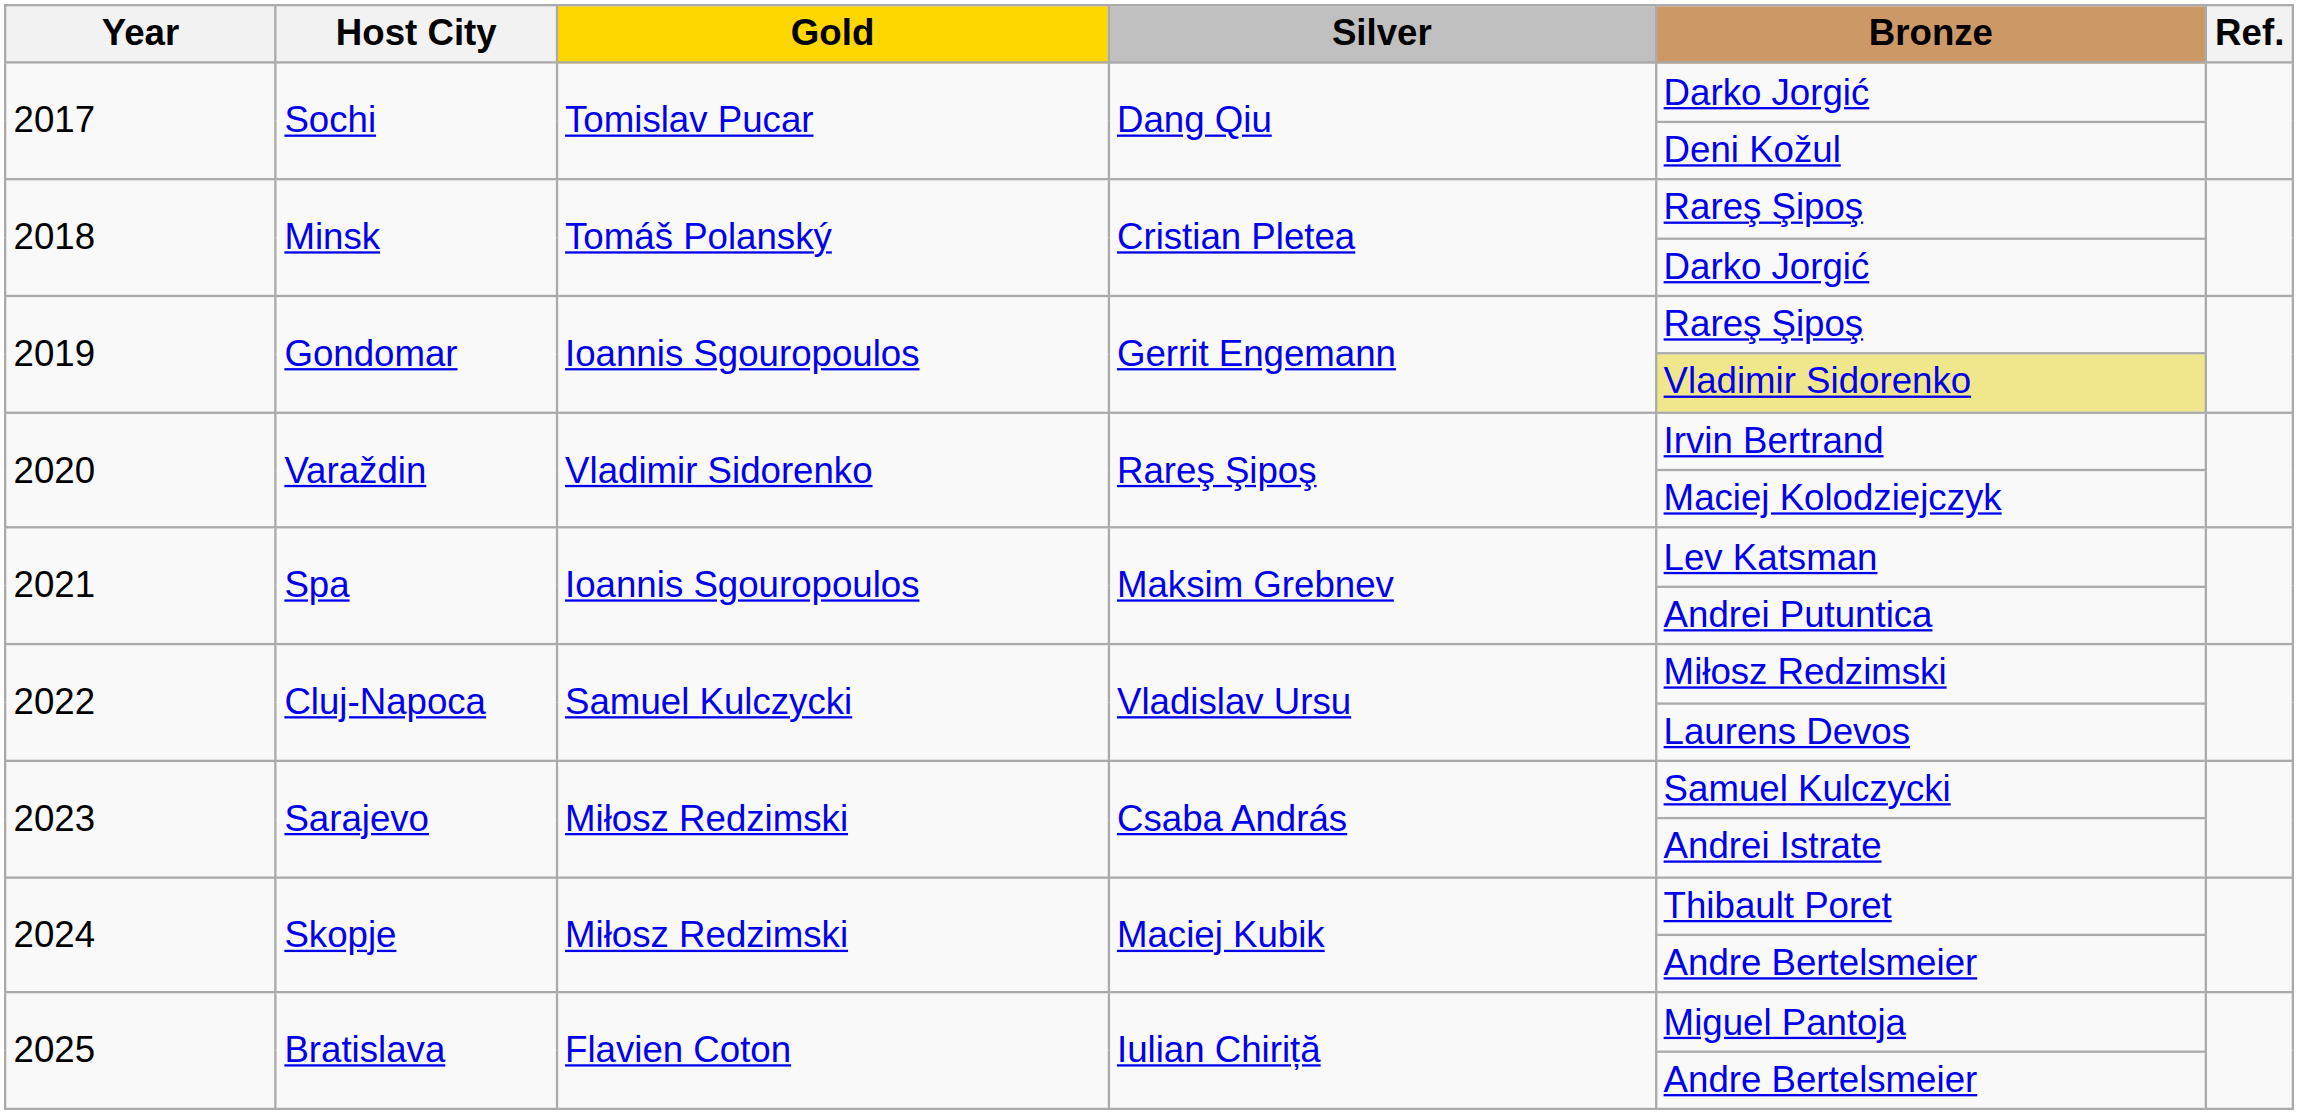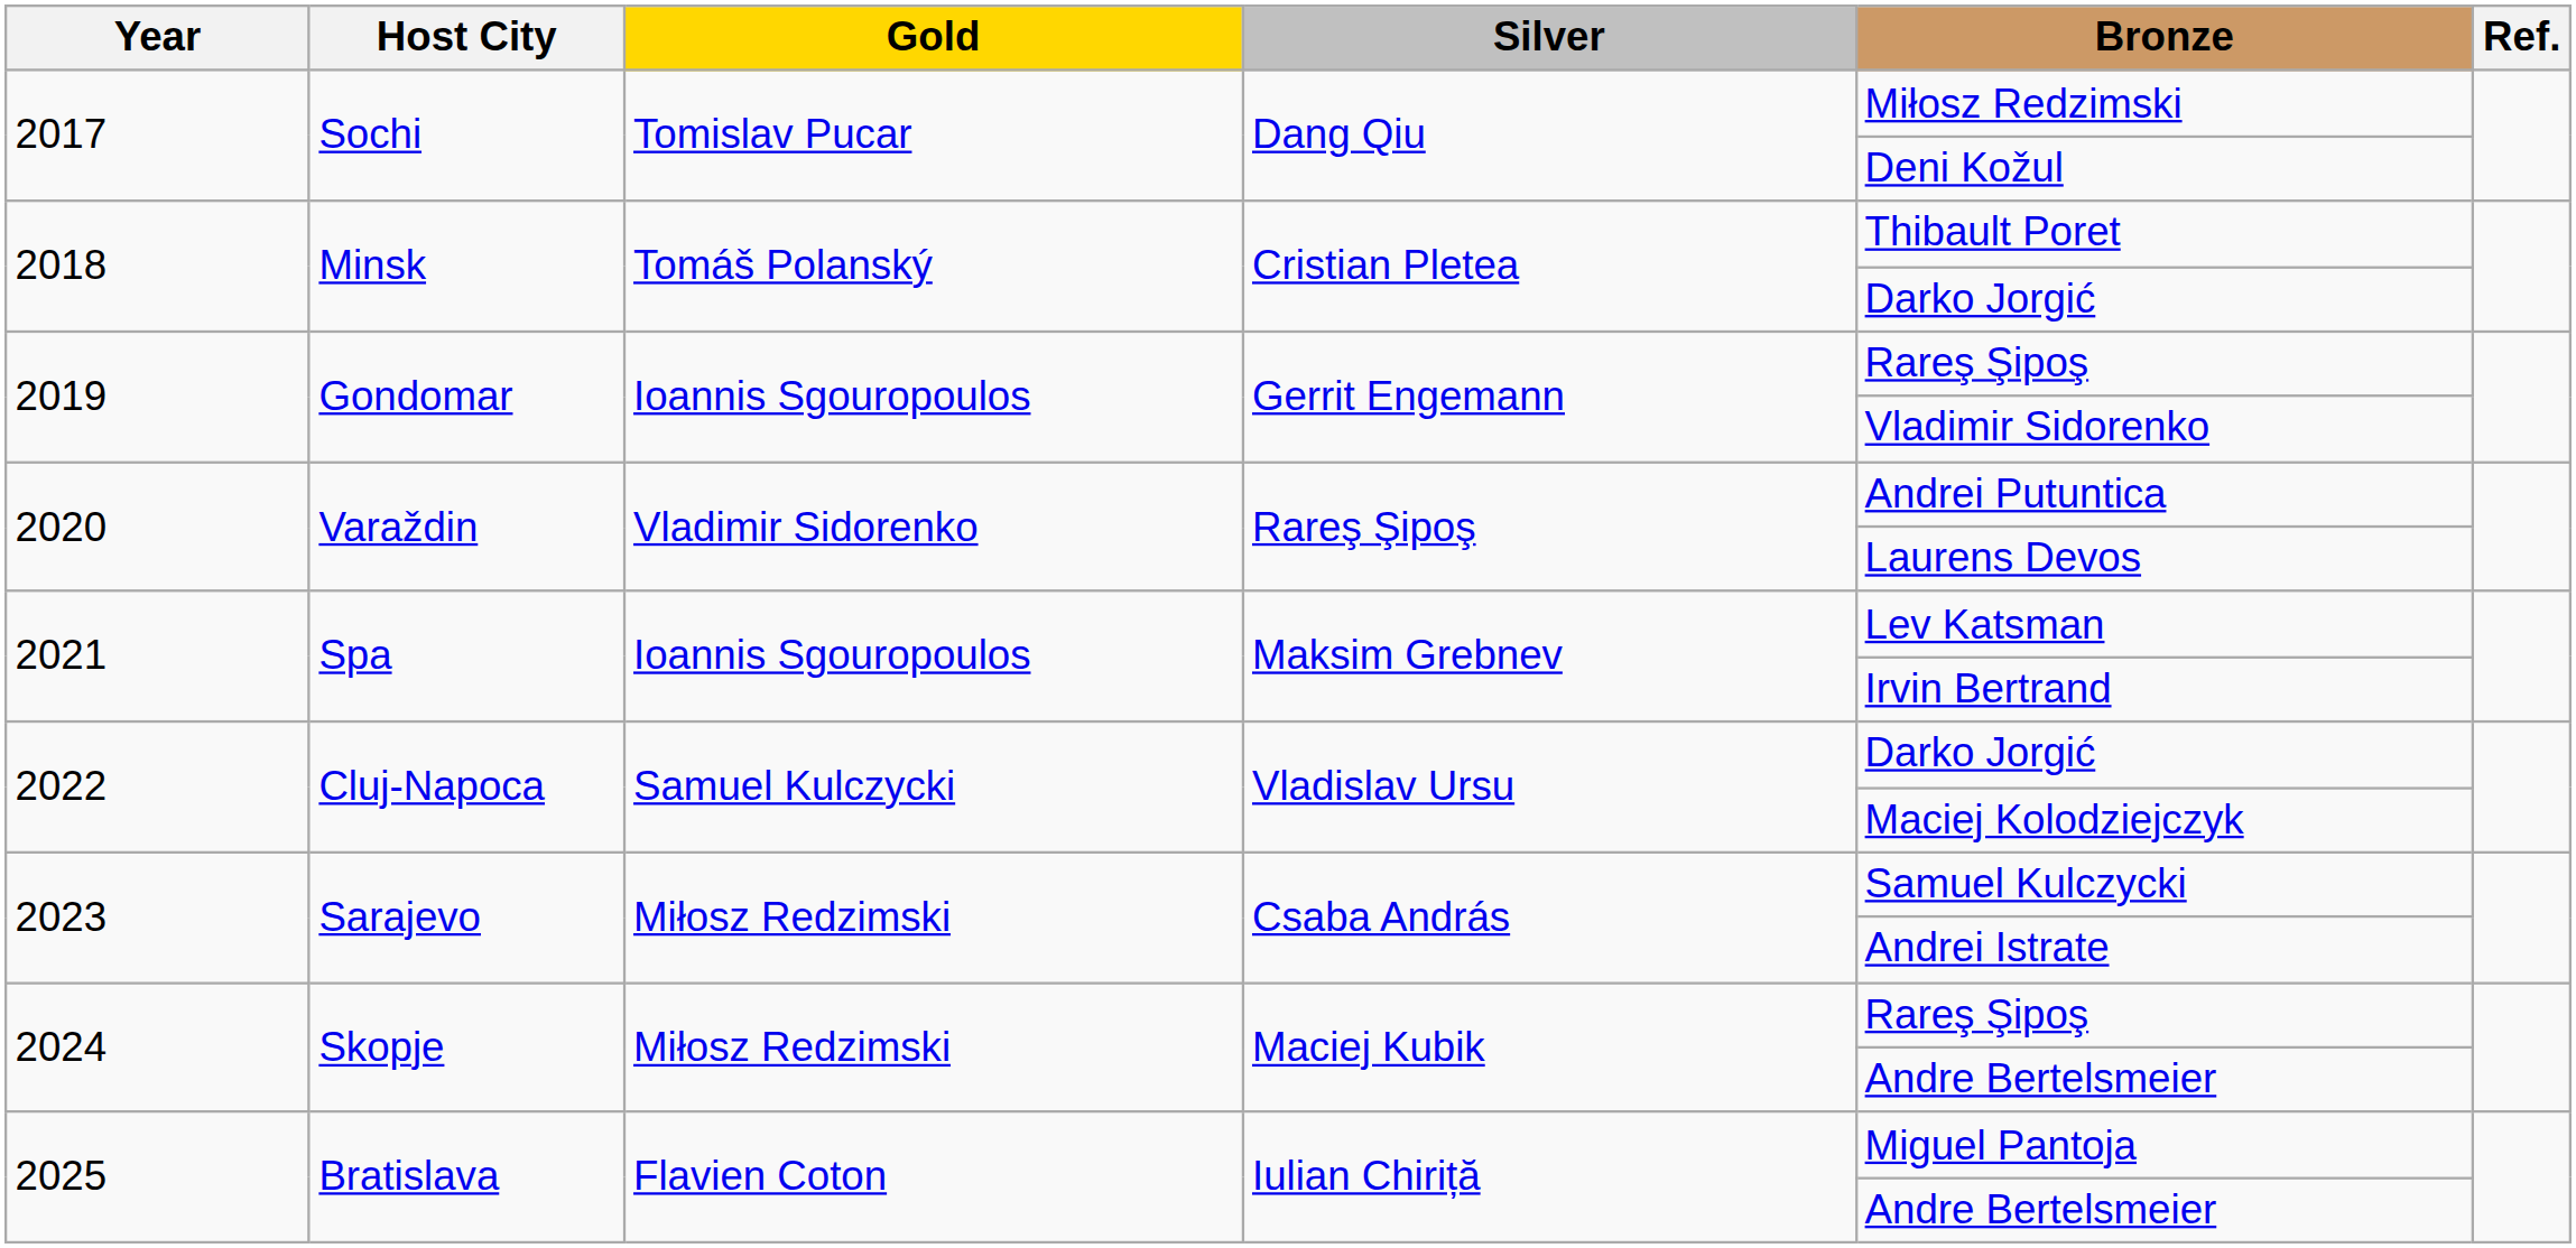 <table class="wikitable" style="text-align:left; width:1000px;">
 <tr>
 <th width="120">Year</th>
 <th width="120">Host City</th>
 <th width="250" style="background-color: gold">Gold</th>
 <th width="250" style="background-color: silver">Silver</th>
 <th width="250" style="background-color: #cc9966">Bronze</th>
 <th width="15">Ref.</th>
 </tr>
 <tr>
 <td rowspan=2>2017</td>
 <td rowspan=2><a href='#'>Sochi</a></td>
 <td rowspan=2> <a href='#'>Tomislav Pucar</a></td>
 <td rowspan=2> <a href='#'>Dang Qiu</a></td>
-<td> <a href='#'>Darko Jorgić</a></td>
+<td> <a href='#'>Miłosz Redzimski</a></td>
 <td rowspan=2></td>
 </tr>
 <tr>
 <td> <a href='#'>Deni Kožul</a></td>
 </tr>
 <tr>
 <td rowspan=2>2018</td>
 <td rowspan=2><a href='#'>Minsk</a></td>
 <td rowspan=2> <a href='#'>Tomáš Polanský</a></td>
 <td rowspan=2> <a href='#'>Cristian Pletea</a></td>
-<td> <a href='#'>Rareş Şipoş</a></td>
+<td> <a href='#'>Thibault Poret</a></td>
 <td rowspan=2></td>
 </tr>
 <tr>
 <td> <a href='#'>Darko Jorgić</a></td>
 </tr>
 <tr>
 <td rowspan=2>2019</td>
 <td rowspan=2><a href='#'>Gondomar</a></td>
 <td rowspan=2> <a href='#'>Ioannis Sgouropoulos</a></td>
 <td rowspan=2> <a href='#'>Gerrit Engemann</a></td>
 <td> <a href='#'>Rareş Şipoş</a></td>
 <td rowspan=2></td>
 </tr>
 <tr>
-<td style="background: khaki;"> <a href='#'>Vladimir Sidorenko</a></td>
+<td> <a href='#'>Vladimir Sidorenko</a></td>
 </tr>
 <tr>
 <td rowspan=2>2020</td>
 <td rowspan=2><a href='#'>Varaždin</a></td>
 <td rowspan=2> <a href='#'>Vladimir Sidorenko</a></td>
 <td rowspan=2> <a href='#'>Rareş Şipoş</a></td>
-<td> <a href='#'>Irvin Bertrand</a></td>
+<td> <a href='#'>Andrei Putuntica</a></td>
 <td rowspan=2></td>
 </tr>
 <tr>
-<td> <a href='#'>Maciej Kolodziejczyk</a></td>
+<td> <a href='#'>Laurens Devos</a></td>
 </tr>
 <tr>
 <td rowspan=2>2021</td>
 <td rowspan=2><a href='#'>Spa</a></td>
 <td rowspan=2> <a href='#'>Ioannis Sgouropoulos</a></td>
 <td rowspan=2> <a href='#'>Maksim Grebnev</a></td>
 <td> <a href='#'>Lev Katsman</a></td>
 <td rowspan=2></td>
 </tr>
 <tr>
-<td> <a href='#'>Andrei Putuntica</a></td>
+<td> <a href='#'>Irvin Bertrand</a></td>
 </tr>
 <tr>
 <td rowspan=2>2022</td>
 <td rowspan=2><a href='#'>Cluj-Napoca</a></td>
 <td rowspan=2> <a href='#'>Samuel Kulczycki</a></td>
 <td rowspan=2> <a href='#'>Vladislav Ursu</a></td>
-<td> <a href='#'>Miłosz Redzimski</a></td>
+<td> <a href='#'>Darko Jorgić</a></td>
 <td rowspan=2></td>
 </tr>
 <tr>
-<td> <a href='#'>Laurens Devos</a></td>
+<td> <a href='#'>Maciej Kolodziejczyk</a></td>
 </tr>
 <tr>
 <td rowspan=2>2023</td>
 <td rowspan=2><a href='#'>Sarajevo</a></td>
 <td rowspan=2> <a href='#'>Miłosz Redzimski</a></td>
 <td rowspan=2> <a href='#'>Csaba András</a></td>
 <td> <a href='#'>Samuel Kulczycki</a></td>
 <td rowspan=2></td>
 </tr>
 <tr>
 <td> <a href='#'>Andrei Istrate</a></td>
 </tr>
 <tr>
 <td rowspan=2>2024</td>
 <td rowspan=2><a href='#'>Skopje</a></td>
 <td rowspan=2> <a href='#'>Miłosz Redzimski</a></td>
 <td rowspan=2> <a href='#'>Maciej Kubik</a></td>
-<td> <a href='#'>Thibault Poret</a></td>
+<td> <a href='#'>Rareş Şipoş</a></td>
 <td rowspan=2></td>
 </tr>
 <tr>
 <td> <a href='#'>Andre Bertelsmeier</a></td>
 </tr>
 <tr>
 <td rowspan=2>2025</td>
 <td rowspan=2><a href='#'>Bratislava</a></td>
 <td rowspan=2> <a href='#'>Flavien Coton</a></td>
 <td rowspan=2> <a href='#'>Iulian Chiriță</a></td>
 <td> <a href='#'>Miguel Pantoja</a></td>
 <td rowspan=2></td>
 </tr>
 <tr>
 <td> <a href='#'>Andre Bertelsmeier</a></td>
 </tr>
 </table>
